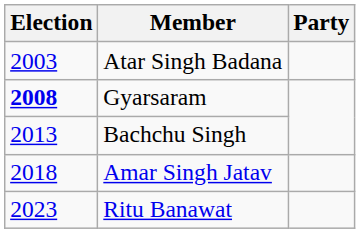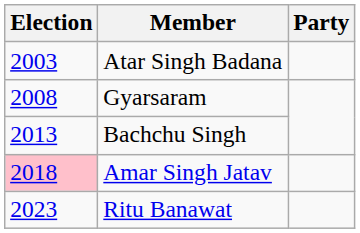 <table class="wikitable sortable">
 <tr>
 <th>Election</th>
 <th>Member</th>
 <th colspan=2>Party</th>
 </tr>
 <tr>
 <td><a href='#'>2003</a></td>
 <td>Atar Singh Badana</td>
 <td></td>
 </tr>
 <tr>
-<td><strong><a href='#'>2008</a></strong></td>
+<td><a href='#'>2008</a></td>
 <td>Gyarsaram</td>
 </tr>
 <tr>
 <td><a href='#'>2013</a></td>
 <td>Bachchu Singh</td>
 </tr>
 <tr>
-<td><a href='#'>2018</a></td>
+<td style="background: pink;"><a href='#'>2018</a></td>
 <td><a href='#'>Amar Singh Jatav</a></td>
 <td></td>
 </tr>
 <tr>
 <td><a href='#'>2023</a></td>
 <td><a href='#'>Ritu Banawat</a></td>
 <td></td>
 </tr>
 </table>
